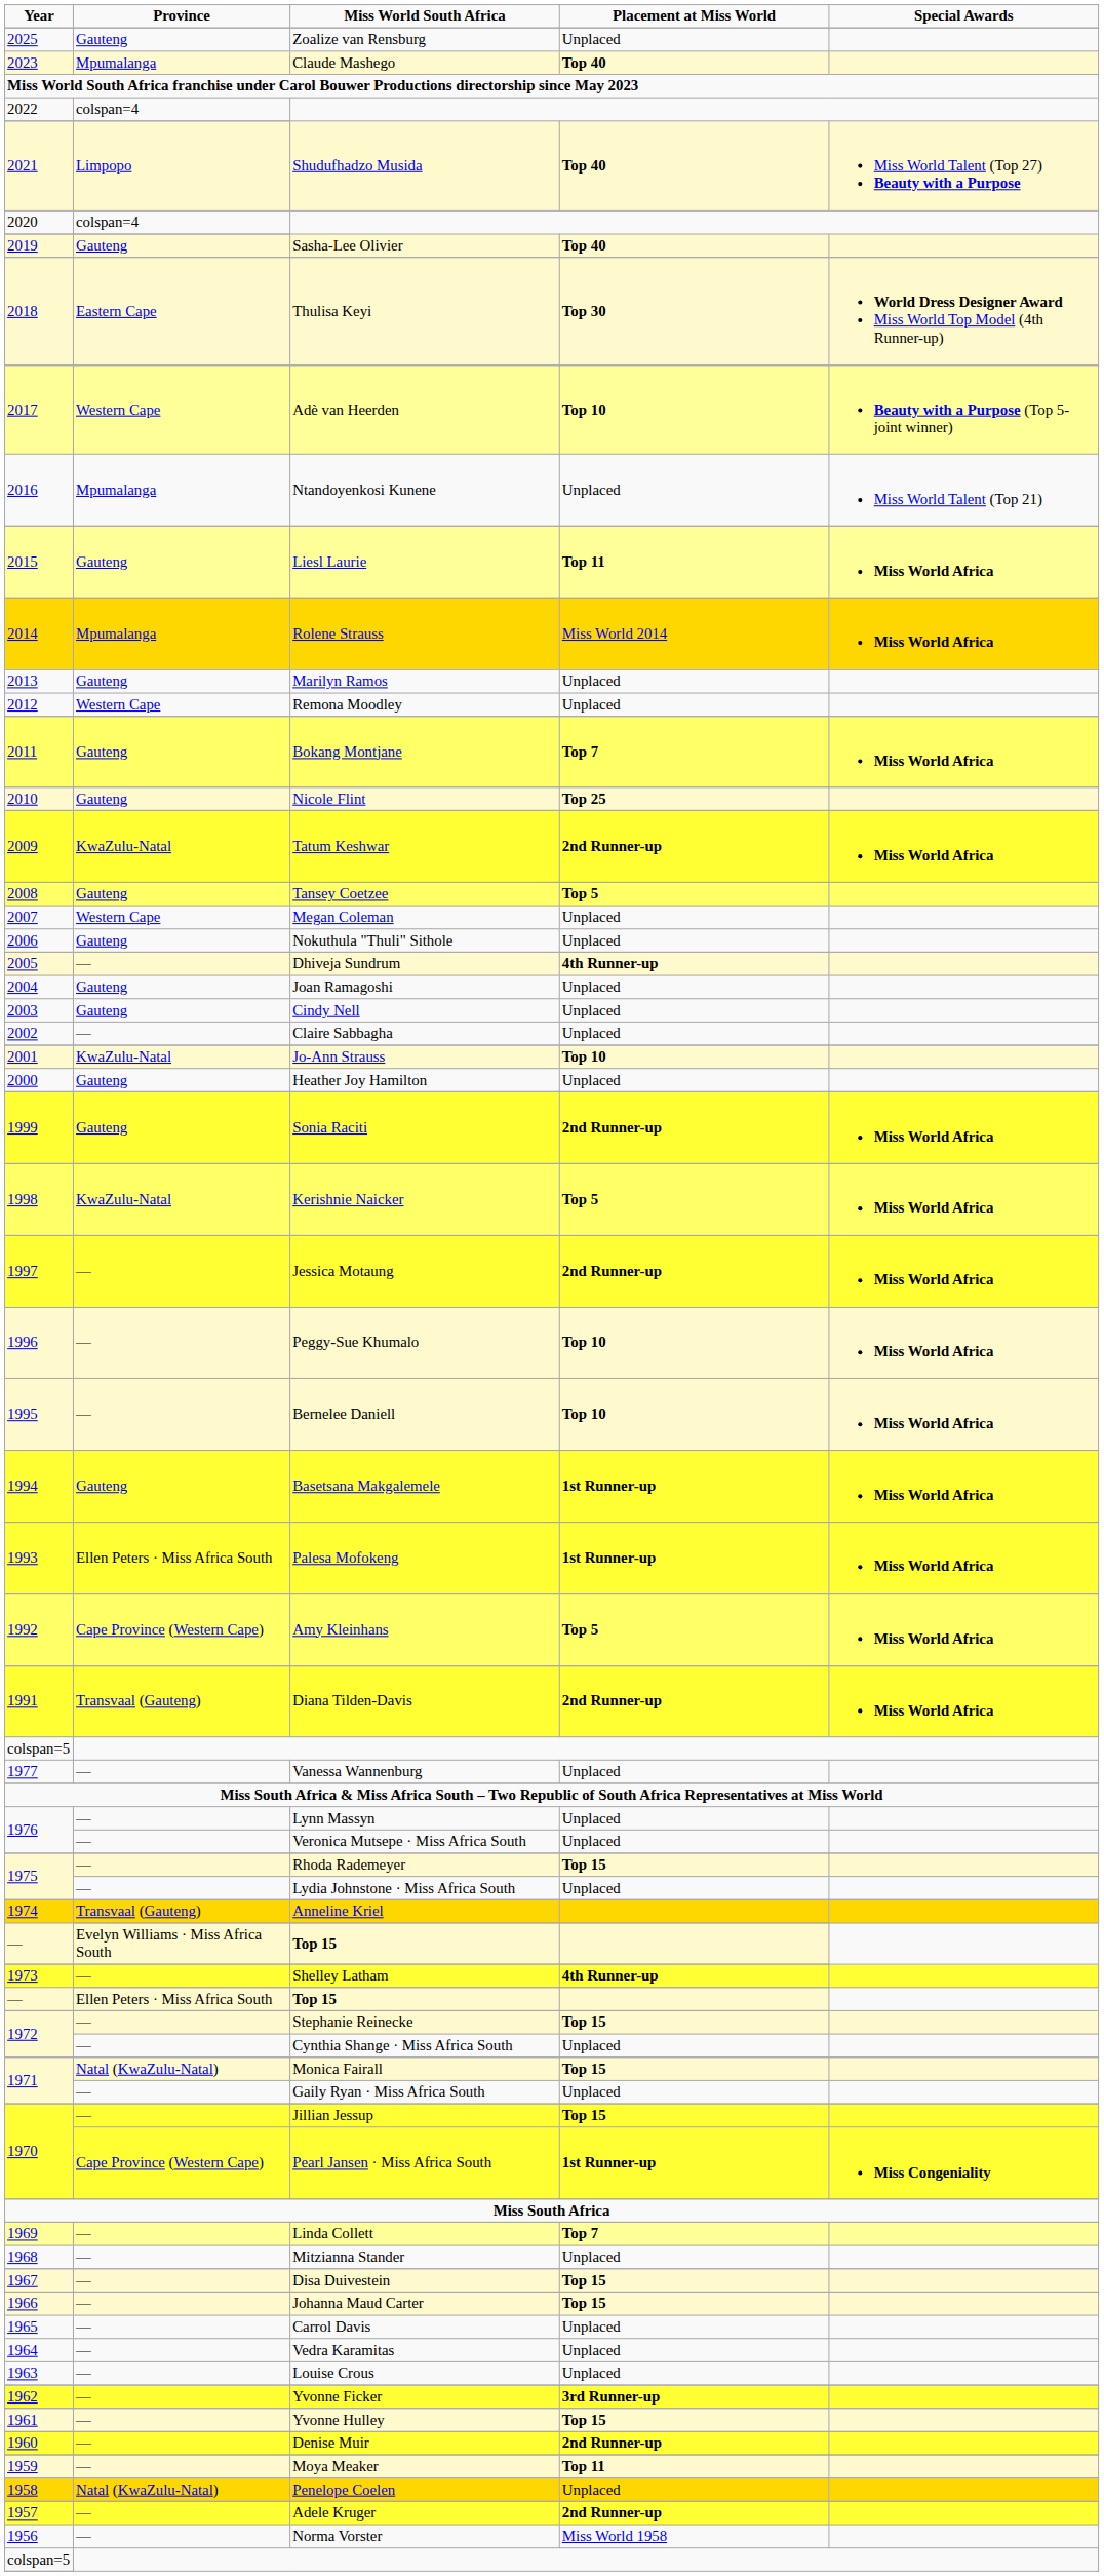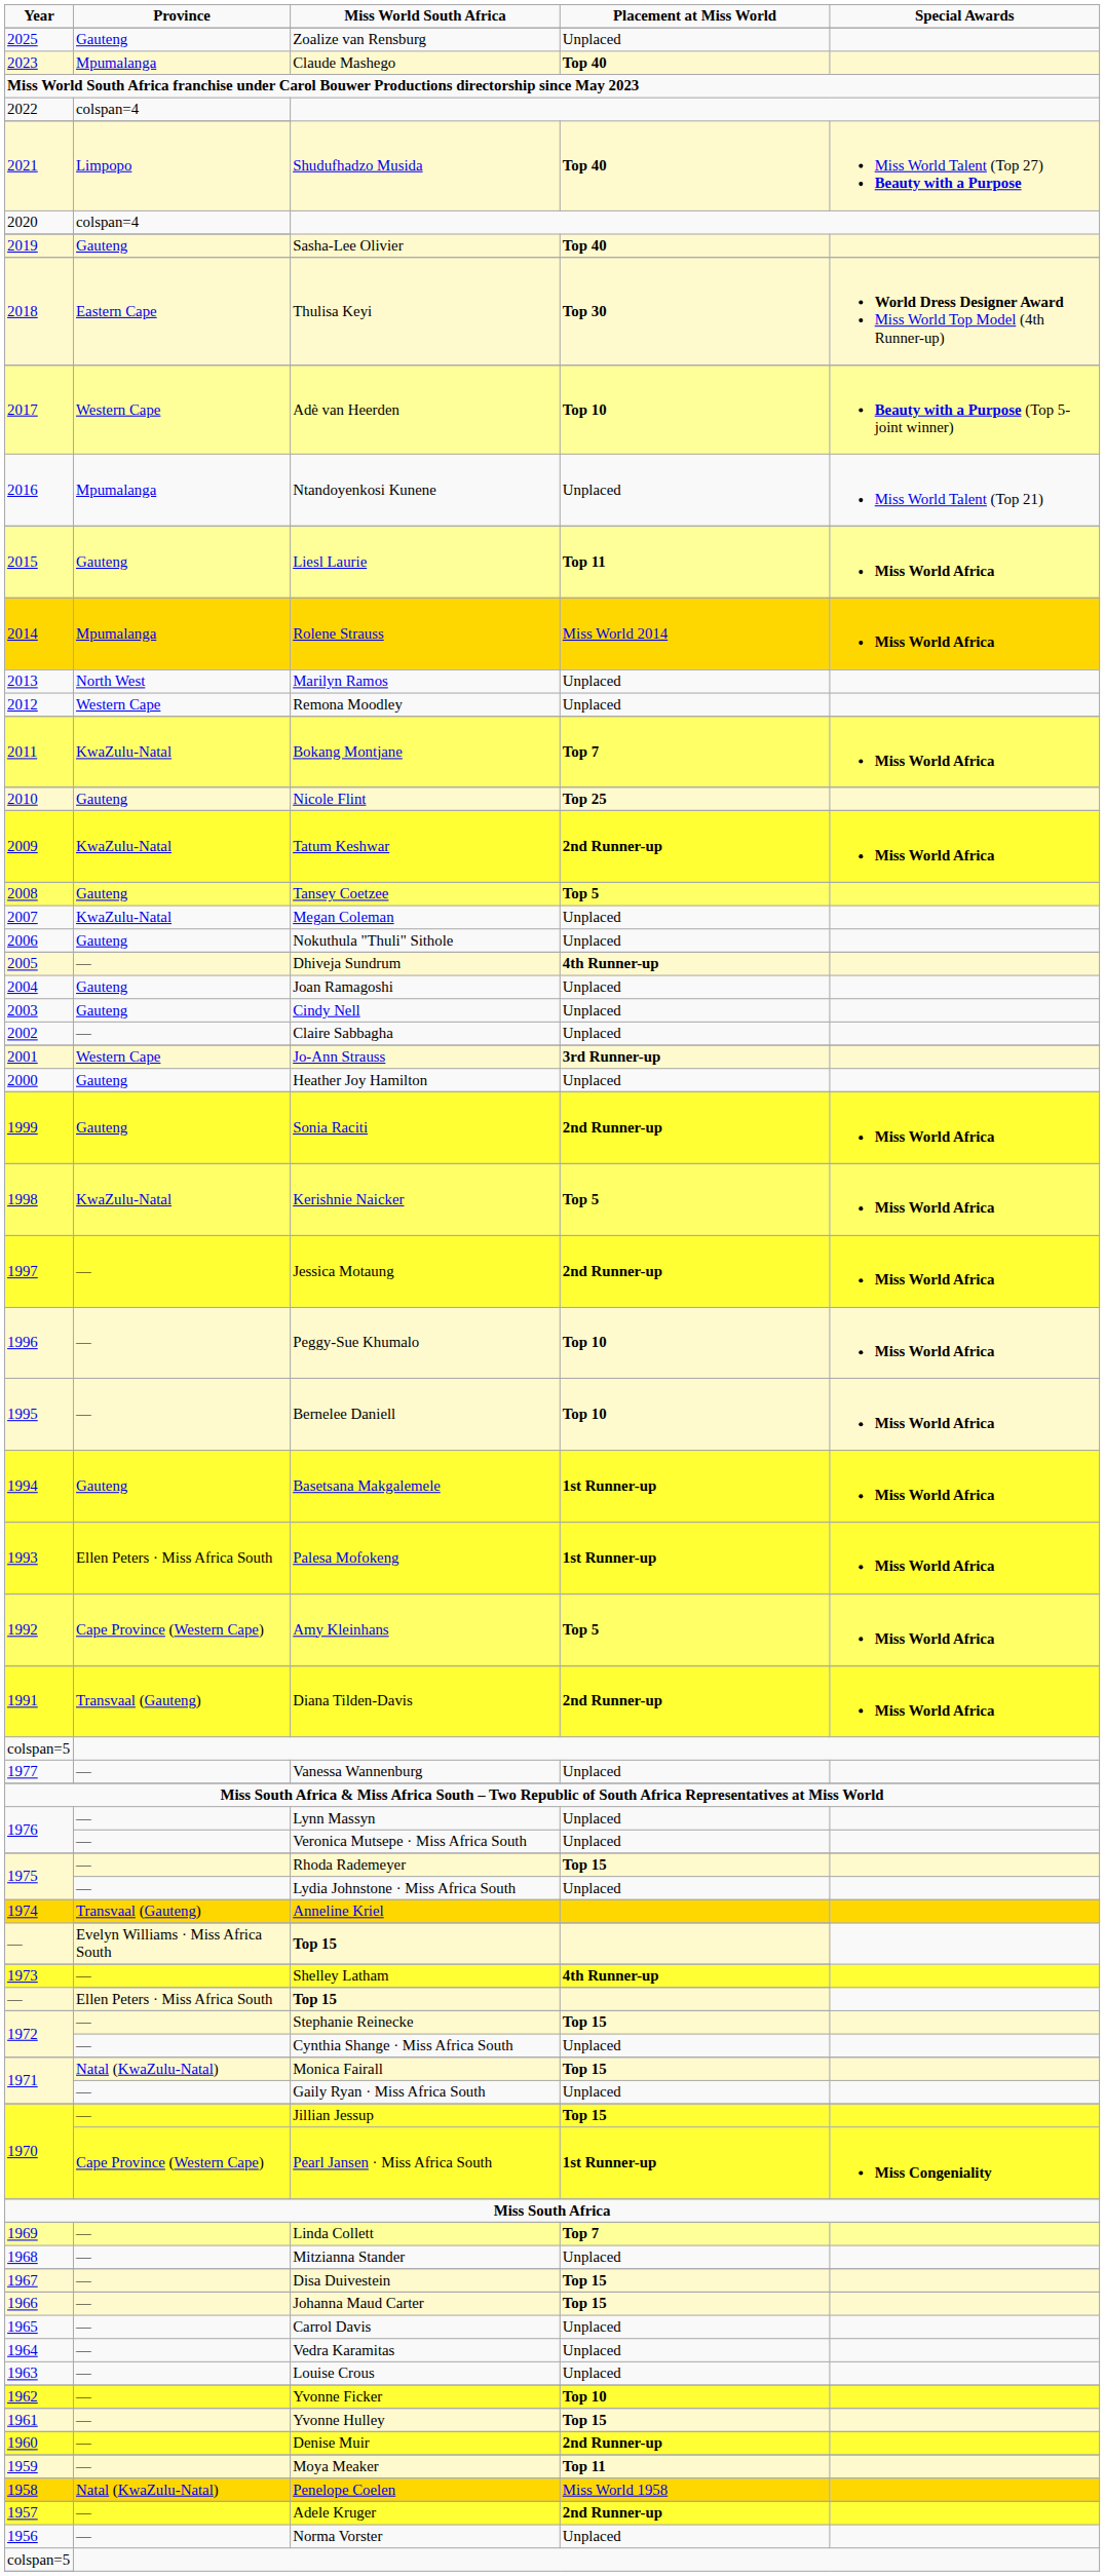 <table class="sortable" border="5" cellpadding="2" cellspacing="0" align=" 0 1em 0 0" style="background: #f9f9f9; border: 1px #aaa solid; border-collapse: collapse; font-size: 90%">
 <tr>
 <th width="60">Year</th>
 <th width="200">Province</th>
 <th width="250">Miss World South Africa</th>
 <th width="250">Placement at Miss World</th>
 <th width="250">Special Awards</th>
 </tr>
 <tr>
 </tr>
 <tr>
 <td><a href='#'>2025</a></td>
 <td><a href='#'>Gauteng</a></td>
 <td>Zoalize van Rensburg</td>
 <td>Unplaced</td>
 <td></td>
 </tr>
 <tr style="background-color:#FFFACD;">
 <td><a href='#'>2023</a></td>
 <td><a href='#'>Mpumalanga</a></td>
 <td>Claude Mashego</td>
 <td><strong>Top 40</strong></td>
 <td></td>
 </tr>
 <tr>
 <td colspan="5"><strong>Miss World South Africa franchise under Carol Bouwer Productions directorship since May 2023</strong></td>
 </tr>
 <tr>
 <td>2022</td>
 <td>colspan=4 </td>
 </tr>
 <tr>
 </tr>
 <tr style="background-color:#FFFACD;">
 <td><a href='#'>2021</a></td>
 <td><a href='#'>Limpopo</a></td>
 <td><a href='#'>Shudufhadzo Musida</a></td>
 <td><strong>Top 40</strong></td>
 <td><br><ul><li><a href='#'>Miss World Talent</a> (Top 27)</li><li><strong><a href='#'>Beauty with a Purpose</a></strong></li></ul></td>
 </tr>
 <tr>
 <td>2020</td>
 <td>colspan=4 </td>
 </tr>
 <tr>
 </tr>
 <tr style="background-color:#FFFACD;">
 <td><a href='#'>2019</a></td>
 <td><a href='#'>Gauteng</a></td>
 <td>Sasha-Lee Olivier</td>
 <td><strong>Top 40</strong></td>
 <td></td>
 </tr>
 <tr>
 </tr>
 <tr style="background-color:#FFFACD;">
 <td><a href='#'>2018</a></td>
 <td><a href='#'>Eastern Cape</a></td>
 <td>Thulisa Keyi</td>
 <td><strong>Top 30</strong></td>
 <td><br><ul><li><strong>World Dress Designer Award</strong></li><li><a href='#'>Miss World Top Model</a> (4th Runner-up)</li></ul></td>
 </tr>
 <tr>
 </tr>
 <tr style="background-color:#FFFF99;">
 <td><a href='#'>2017</a></td>
 <td><a href='#'>Western Cape</a></td>
 <td>Adè van Heerden</td>
 <td><strong>Top 10</strong></td>
 <td><br><ul><li><strong><a href='#'>Beauty with a Purpose</a></strong> (Top 5-joint winner)</li></ul></td>
 </tr>
 <tr>
 <td><a href='#'>2016</a></td>
 <td><a href='#'>Mpumalanga</a></td>
 <td>Ntandoyenkosi Kunene</td>
 <td>Unplaced</td>
 <td><br><ul><li><a href='#'>Miss World Talent</a> (Top 21)</li></ul></td>
 </tr>
 <tr>
 </tr>
 <tr style="background-color:#FFFF99;">
 <td><a href='#'>2015</a></td>
 <td><a href='#'>Gauteng</a></td>
 <td><a href='#'>Liesl Laurie</a></td>
 <td><strong>Top 11</strong></td>
 <td><br><ul><li><strong>Miss World Africa</strong></li></ul></td>
 </tr>
 <tr>
 </tr>
 <tr style="background-color:gold; ">
 <td><a href='#'>2014</a></td>
 <td><a href='#'>Mpumalanga</a></td>
 <td><a href='#'>Rolene Strauss</a></td>
 <td><a href='#'>Miss World 2014</a></td>
 <td><br><ul><li><strong>Miss World Africa</strong></li></ul></td>
 </tr>
 <tr>
 <td><a href='#'>2013</a></td>
-<td><a href='#'>Gauteng</a></td>
+<td><a href='#'>North West</a></td>
 <td><a href='#'>Marilyn Ramos</a></td>
 <td>Unplaced</td>
 <td></td>
 </tr>
 <tr>
 <td><a href='#'>2012</a></td>
 <td><a href='#'>Western Cape</a></td>
 <td>Remona Moodley</td>
 <td>Unplaced</td>
 <td></td>
 </tr>
 <tr>
 </tr>
 <tr style="background-color:#FFFF66;">
 <td><a href='#'>2011</a></td>
-<td><a href='#'>Gauteng</a></td>
+<td><a href='#'>KwaZulu-Natal</a></td>
 <td><a href='#'>Bokang Montjane</a></td>
 <td><strong>Top 7</strong></td>
 <td><br><ul><li><strong>Miss World Africa</strong></li></ul></td>
 </tr>
 <tr>
 </tr>
 <tr style="background-color:#FFFACD;">
 <td><a href='#'>2010</a></td>
 <td><a href='#'>Gauteng</a></td>
 <td><a href='#'>Nicole Flint</a></td>
 <td><strong>Top 25</strong></td>
 <td></td>
 </tr>
 <tr>
 </tr>
 <tr style="background-color:#FFFF33;">
 <td><a href='#'>2009</a></td>
 <td><a href='#'>KwaZulu-Natal</a></td>
 <td><a href='#'>Tatum Keshwar</a></td>
 <td><strong>2nd Runner-up</strong></td>
 <td><br><ul><li><strong>Miss World Africa</strong></li></ul></td>
 </tr>
 <tr>
 </tr>
 <tr style="background-color:#FFFF66;">
 <td><a href='#'>2008</a></td>
 <td><a href='#'>Gauteng</a></td>
 <td><a href='#'>Tansey Coetzee</a></td>
 <td><strong>Top 5</strong></td>
 <td></td>
 </tr>
 <tr>
 <td><a href='#'>2007</a></td>
-<td><a href='#'>Western Cape</a></td>
+<td><a href='#'>KwaZulu-Natal</a></td>
 <td><a href='#'>Megan Coleman</a></td>
 <td>Unplaced</td>
 <td></td>
 </tr>
 <tr>
 <td><a href='#'>2006</a></td>
 <td><a href='#'>Gauteng</a></td>
 <td>Nokuthula "Thuli" Sithole</td>
 <td>Unplaced</td>
 <td></td>
 </tr>
 <tr>
 </tr>
 <tr style="background-color:#FFFACD;">
 <td><a href='#'>2005</a></td>
 <td>—</td>
 <td>Dhiveja Sundrum</td>
 <td><strong>4th Runner-up</strong></td>
 <td></td>
 </tr>
 <tr>
 <td><a href='#'>2004</a></td>
 <td><a href='#'>Gauteng</a></td>
 <td>Joan Ramagoshi</td>
 <td>Unplaced</td>
 <td></td>
 </tr>
 <tr>
 <td><a href='#'>2003</a></td>
 <td><a href='#'>Gauteng</a></td>
 <td><a href='#'>Cindy Nell</a></td>
 <td>Unplaced</td>
 <td></td>
 </tr>
 <tr>
 <td><a href='#'>2002</a></td>
 <td>—</td>
 <td>Claire Sabbagha</td>
 <td>Unplaced</td>
 <td></td>
 </tr>
 <tr>
 </tr>
 <tr style="background-color:#FFFACD;">
 <td><a href='#'>2001</a></td>
-<td><a href='#'>KwaZulu-Natal</a></td>
+<td><a href='#'>Western Cape</a></td>
 <td><a href='#'>Jo-Ann Strauss</a></td>
-<td><strong>Top 10</strong></td>
+<td><strong>3rd Runner-up</strong></td>
 <td></td>
 </tr>
 <tr>
 <td><a href='#'>2000</a></td>
 <td><a href='#'>Gauteng</a></td>
 <td>Heather Joy Hamilton</td>
 <td>Unplaced</td>
 <td></td>
 </tr>
 <tr>
 </tr>
 <tr style="background-color:#FFFF33;">
 <td><a href='#'>1999</a></td>
 <td><a href='#'>Gauteng</a></td>
 <td><a href='#'>Sonia Raciti</a></td>
 <td><strong>2nd Runner-up</strong></td>
 <td><br><ul><li><strong>Miss World Africa</strong></li></ul></td>
 </tr>
 <tr>
 </tr>
 <tr style="background-color:#FFFF66;">
 <td><a href='#'>1998</a></td>
 <td><a href='#'>KwaZulu-Natal</a></td>
 <td><a href='#'>Kerishnie Naicker</a></td>
 <td><strong>Top 5</strong></td>
 <td><br><ul><li><strong>Miss World Africa</strong></li></ul></td>
 </tr>
 <tr>
 </tr>
 <tr style="background-color:#FFFF33;">
 <td><a href='#'>1997</a></td>
 <td>—</td>
 <td>Jessica Motaung</td>
 <td><strong>2nd Runner-up</strong></td>
 <td><br><ul><li><strong>Miss World Africa</strong></li></ul></td>
 </tr>
 <tr>
 </tr>
 <tr style="background-color:#FFFACD;">
 <td><a href='#'>1996</a></td>
 <td>—</td>
 <td>Peggy-Sue Khumalo</td>
 <td><strong>Top 10</strong></td>
 <td><br><ul><li><strong>Miss World Africa</strong></li></ul></td>
 </tr>
 <tr>
 </tr>
 <tr style="background-color:#FFFACD;">
 <td><a href='#'>1995</a></td>
 <td>—</td>
 <td>Bernelee Daniell</td>
 <td><strong>Top 10</strong></td>
 <td><br><ul><li><strong>Miss World Africa</strong></li></ul></td>
 </tr>
 <tr>
 </tr>
 <tr style="background-color:#FFFF33;">
 <td><a href='#'>1994</a></td>
 <td><a href='#'>Gauteng</a></td>
 <td><a href='#'>Basetsana Makgalemele</a></td>
 <td><strong>1st Runner-up</strong></td>
 <td><br><ul><li><strong>Miss World Africa</strong></li></ul></td>
 </tr>
 <tr>
 </tr>
 <tr style="background-color:#FFFF33;">
 <td><a href='#'>1993</a></td>
 <td>Ellen Peters · Miss Africa South</td>
 <td><a href='#'>Palesa Mofokeng</a></td>
 <td><strong>1st Runner-up</strong></td>
 <td><br><ul><li><strong>Miss World Africa</strong></li></ul></td>
 </tr>
 <tr>
 </tr>
 <tr style="background-color:#FFFF66; ">
 <td><a href='#'>1992</a></td>
 <td><a href='#'>Cape Province</a> (<a href='#'>Western Cape</a>)</td>
 <td><a href='#'>Amy Kleinhans</a></td>
 <td><strong>Top 5</strong></td>
 <td><br><ul><li><strong>Miss World Africa</strong></li></ul></td>
 </tr>
 <tr>
 </tr>
 <tr style="background-color:#FFFF33;">
 <td><a href='#'>1991</a></td>
 <td><a href='#'>Transvaal</a> (<a href='#'>Gauteng</a>)</td>
 <td>Diana Tilden-Davis</td>
 <td><strong>2nd Runner-up</strong></td>
 <td><br><ul><li><strong>Miss World Africa</strong></li></ul></td>
 </tr>
 <tr>
 <td>colspan=5 </td>
 </tr>
 <tr>
 <td><a href='#'>1977</a></td>
 <td>—</td>
 <td>Vanessa Wannenburg</td>
 <td>Unplaced</td>
 <td></td>
 </tr>
 <tr>
 </tr>
 <tr align="center">
 <th colspan="5">Miss South Africa & Miss Africa South – Two Republic of South Africa Representatives at Miss World</th>
 </tr>
 <tr>
 <td rowspan=2><a href='#'>1976</a></td>
 <td>—</td>
 <td>Lynn Massyn</td>
 <td>Unplaced</td>
 <td></td>
 </tr>
 <tr>
 <td>—</td>
 <td>Veronica Mutsepe · Miss Africa South</td>
 <td>Unplaced</td>
 <td></td>
 </tr>
 <tr>
 </tr>
 <tr style="background-color:#FFFACD;">
 <td rowspan=2><a href='#'>1975</a></td>
 <td>—</td>
 <td>Rhoda Rademeyer</td>
 <td><strong>Top 15</strong></td>
 <td></td>
 </tr>
 <tr>
 <td>—</td>
 <td>Lydia Johnstone · Miss Africa South</td>
 <td>Unplaced</td>
 <td></td>
 </tr>
 <tr>
 </tr>
 <tr style="background-color:gold; ">
 <td rowspan=2><a href='#'>1974</a></td>
 <td><a href='#'>Transvaal</a> (<a href='#'>Gauteng</a>) </td>
 <td><a href='#'>Anneline Kriel</a></td>
 <td style="background:;"></td>
 <td style="background:;"></td>
 </tr>
 <tr>
 </tr>
 <tr style="background-color:#FFFACD;">
 <td>—</td>
 <td>Evelyn Williams · Miss Africa South</td>
 <td><strong>Top 15</strong></td>
 <td></td>
 </tr>
 <tr>
 </tr>
 <tr style="background-color:#FFFF33;">
 <td rowspan=2><a href='#'>1973</a></td>
 <td>—</td>
 <td>Shelley Latham</td>
 <td><strong>4th Runner-up</strong></td>
 <td></td>
 </tr>
 <tr>
 </tr>
 <tr style="background-color:#FFFACD;">
 <td>—</td>
 <td>Ellen Peters · Miss Africa South</td>
 <td><strong>Top 15</strong></td>
 <td></td>
 </tr>
 <tr>
 </tr>
 <tr style="background-color:#FFFACD;">
 <td rowspan=2><a href='#'>1972</a></td>
 <td>—</td>
 <td>Stephanie Reinecke</td>
 <td><strong>Top 15</strong></td>
 <td></td>
 </tr>
 <tr>
 <td>—</td>
 <td>Cynthia Shange · Miss Africa South</td>
 <td>Unplaced</td>
 <td></td>
 </tr>
 <tr>
 </tr>
 <tr style="background-color:#FFFACD;">
 <td rowspan=2><a href='#'>1971</a></td>
 <td><a href='#'>Natal</a> (<a href='#'>KwaZulu-Natal</a>)</td>
 <td>Monica Fairall</td>
 <td><strong>Top 15</strong></td>
 <td></td>
 </tr>
 <tr>
 <td>—</td>
 <td>Gaily Ryan · Miss Africa South</td>
 <td>Unplaced</td>
 <td></td>
 </tr>
 <tr>
 </tr>
 <tr style="background-color:#FFFF33;">
 <td rowspan=2><a href='#'>1970</a></td>
 <td>—</td>
 <td>Jillian Jessup</td>
 <td><strong>Top 15</strong></td>
 <td></td>
 </tr>
 <tr style="background-color:#FFFF33;">
 <td><a href='#'>Cape Province</a> (<a href='#'>Western Cape</a>) </td>
 <td><a href='#'>Pearl Jansen</a> · Miss Africa South</td>
 <td><strong>1st Runner-up</strong></td>
 <td><br><ul><li><strong>Miss Congeniality</strong></li></ul></td>
 </tr>
 <tr>
 </tr>
 <tr align="center">
 <th colspan="5">Miss South Africa</th>
 </tr>
 <tr>
 </tr>
 <tr style="background-color:#FFFF99;">
 <td><a href='#'>1969</a></td>
 <td>—</td>
 <td>Linda Collett</td>
 <td><strong>Top 7</strong></td>
 <td></td>
 </tr>
 <tr>
 <td><a href='#'>1968</a></td>
 <td>—</td>
 <td>Mitzianna Stander</td>
 <td>Unplaced</td>
 <td></td>
 </tr>
 <tr>
 </tr>
 <tr style="background-color:#FFFACD;">
 <td><a href='#'>1967</a></td>
 <td>—</td>
 <td>Disa Duivestein</td>
 <td><strong>Top 15</strong></td>
 <td></td>
 </tr>
 <tr>
 </tr>
 <tr style="background-color:#FFFACD;">
 <td><a href='#'>1966</a></td>
 <td>—</td>
 <td>Johanna Maud Carter</td>
 <td><strong>Top 15</strong></td>
 <td></td>
 </tr>
 <tr>
 <td><a href='#'>1965</a></td>
 <td>—</td>
 <td>Carrol Davis</td>
 <td>Unplaced</td>
 <td></td>
 </tr>
 <tr>
 <td><a href='#'>1964</a></td>
 <td>—</td>
 <td>Vedra Karamitas</td>
 <td>Unplaced</td>
 <td></td>
 </tr>
 <tr>
 <td><a href='#'>1963</a></td>
 <td>—</td>
 <td>Louise Crous</td>
 <td>Unplaced</td>
 <td></td>
 </tr>
 <tr>
 </tr>
 <tr style="background-color:#FFFF33;">
 <td><a href='#'>1962</a></td>
 <td>—</td>
 <td>Yvonne Ficker</td>
-<td><strong>3rd Runner-up</strong></td>
+<td><strong>Top 10</strong></td>
 <td></td>
 </tr>
 <tr>
 </tr>
 <tr style="background-color:#FFFACD;">
 <td><a href='#'>1961</a></td>
 <td>—</td>
 <td>Yvonne Hulley</td>
 <td><strong>Top 15</strong></td>
 <td></td>
 </tr>
 <tr>
 </tr>
 <tr style="background-color:#FFFF33;">
 <td><a href='#'>1960</a></td>
 <td>—</td>
 <td>Denise Muir</td>
 <td><strong>2nd Runner-up</strong></td>
 <td></td>
 </tr>
 <tr>
 </tr>
 <tr style="background-color:#FFFACD;">
 <td><a href='#'>1959</a></td>
 <td>—</td>
 <td>Moya Meaker</td>
 <td><strong>Top 11</strong></td>
 <td></td>
 </tr>
 <tr>
 </tr>
 <tr style="background-color:gold;">
 <td><a href='#'>1958</a></td>
 <td><a href='#'>Natal</a> (<a href='#'>KwaZulu-Natal</a>) </td>
 <td><a href='#'>Penelope Coelen</a></td>
-<td>Unplaced</td>
+<td><a href='#'>Miss World 1958</a></td>
 <td></td>
 </tr>
 <tr>
 </tr>
 <tr style="background-color:#FFFF33;">
 <td><a href='#'>1957</a></td>
 <td>—</td>
 <td>Adele Kruger</td>
 <td><strong>2nd Runner-up</strong></td>
 <td></td>
 </tr>
 <tr>
 <td><a href='#'>1956</a></td>
 <td>—</td>
 <td>Norma Vorster</td>
-<td><a href='#'>Miss World 1958</a></td>
+<td>Unplaced</td>
 <td></td>
 </tr>
 <tr>
 <td>colspan=5 </td>
 </tr>
 <tr>
 </tr>
 </table>
